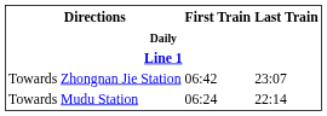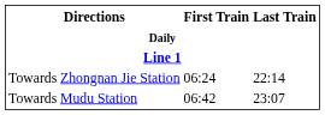 <table style="text-align:centre; font-size:95%; border:1px solid black">
 <tr>
 <th>Directions</th>
 <th>First Train</th>
 <th>Last Train</th>
 </tr>
 <tr>
 <th colspan="5" style="text-align:center"><small>Daily</small></th>
 </tr>
 <tr>
 <th colspan="8" style="background-color:#"><a href='#'>Line 1</a></th>
 </tr>
 <tr>
 <td>Towards <a href='#'>Zhongnan Jie Station</a></td>
+<td>06:24</td>
+<td>22:14</td>
+</tr>
+<tr>
+<td>Towards <a href='#'>Mudu Station</a></td>
 <td>06:42</td>
 <td>23:07</td>
 </tr>
-<tr>
-<td>Towards <a href='#'>Mudu Station</a></td>
-<td>06:24</td>
-<td>22:14</td>
-</tr>
 </table>
